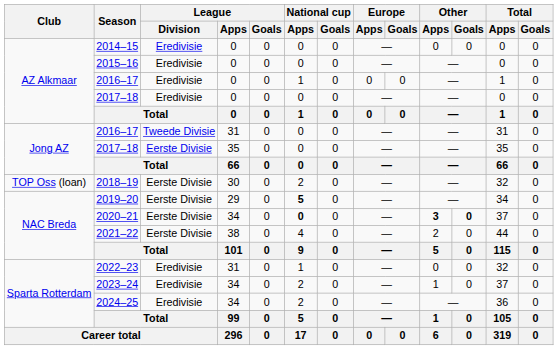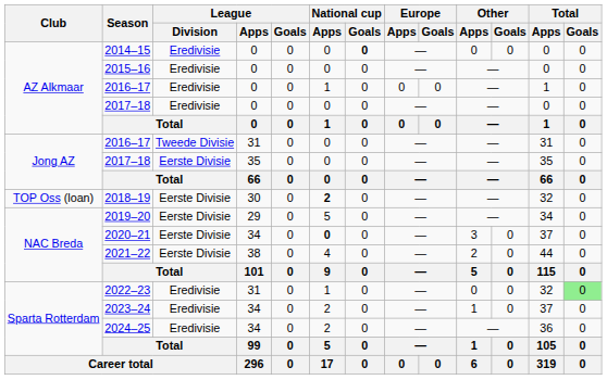 <table class="wikitable" style="text-align: center">
 <tr>
 <th rowspan="2">Club</th>
 <th rowspan="2">Season</th>
 <th colspan="3">League</th>
 <th colspan="2">National cup</th>
 <th colspan="2">Europe</th>
 <th colspan="2">Other</th>
 <th colspan="2">Total</th>
 </tr>
 <tr>
 <th>Division</th>
 <th>Apps</th>
 <th>Goals</th>
 <th>Apps</th>
 <th>Goals</th>
 <th>Apps</th>
 <th>Goals</th>
 <th>Apps</th>
 <th>Goals</th>
 <th>Apps</th>
 <th>Goals</th>
 </tr>
 <tr>
 <td rowspan="5"><a href='#'>AZ Alkmaar</a></td>
 <td><a href='#'>2014–15</a></td>
 <td><a href='#'>Eredivisie</a></td>
 <td>0</td>
 <td>0</td>
 <td>0</td>
-<td>0</td>
+<td><strong>0</strong></td>
 <td colspan="2">—</td>
 <td>0</td>
 <td>0</td>
 <td>0</td>
 <td>0</td>
 </tr>
 <tr>
 <td><a href='#'>2015–16</a></td>
 <td>Eredivisie</td>
 <td>0</td>
 <td>0</td>
 <td>0</td>
 <td>0</td>
 <td colspan="2">—</td>
 <td colspan="2">—</td>
 <td>0</td>
 <td>0</td>
 </tr>
 <tr>
 <td><a href='#'>2016–17</a></td>
 <td>Eredivisie</td>
 <td>0</td>
 <td>0</td>
 <td>1</td>
 <td>0</td>
 <td>0</td>
 <td>0</td>
 <td colspan="2">—</td>
 <td>1</td>
 <td>0</td>
 </tr>
 <tr>
 <td><a href='#'>2017–18</a></td>
 <td>Eredivisie</td>
 <td>0</td>
 <td>0</td>
 <td>0</td>
 <td>0</td>
 <td colspan="2">—</td>
 <td colspan="2">—</td>
 <td>0</td>
 <td>0</td>
 </tr>
 <tr>
 <th colspan="2">Total</th>
 <th>0</th>
 <th>0</th>
 <th>1</th>
 <th>0</th>
 <th>0</th>
 <th>0</th>
 <th colspan="2">—</th>
 <th>1</th>
 <th>0</th>
 </tr>
 <tr>
 <td rowspan="3"><a href='#'>Jong AZ</a></td>
 <td><a href='#'>2016–17</a></td>
 <td><a href='#'>Tweede Divisie</a></td>
 <td>31</td>
 <td>0</td>
 <td>0</td>
 <td>0</td>
 <td colspan="2">—</td>
 <td colspan="2">—</td>
 <td>31</td>
 <td>0</td>
 </tr>
 <tr>
 <td><a href='#'>2017–18</a></td>
 <td><a href='#'>Eerste Divisie</a></td>
 <td>35</td>
 <td>0</td>
 <td>0</td>
 <td>0</td>
 <td colspan="2">—</td>
 <td colspan="2">—</td>
 <td>35</td>
 <td>0</td>
 </tr>
 <tr>
 <th colspan="2">Total</th>
 <th>66</th>
 <th>0</th>
 <th>0</th>
 <th>0</th>
 <th colspan="2">—</th>
 <th colspan="2">—</th>
 <th>66</th>
 <th>0</th>
 </tr>
 <tr>
 <td><a href='#'>TOP Oss</a> (loan)</td>
 <td><a href='#'>2018–19</a></td>
 <td>Eerste Divisie</td>
 <td>30</td>
 <td>0</td>
-<td>2</td>
+<td><strong>2</strong></td>
 <td>0</td>
 <td colspan="2">—</td>
 <td colspan="2">—</td>
 <td>32</td>
 <td>0</td>
 </tr>
 <tr>
 <td rowspan="4"><a href='#'>NAC Breda</a></td>
 <td><a href='#'>2019–20</a></td>
 <td>Eerste Divisie</td>
 <td>29</td>
 <td>0</td>
-<td><strong>5</strong></td>
+<td>5</td>
 <td>0</td>
 <td colspan="2">—</td>
 <td colspan="2">—</td>
 <td>34</td>
 <td>0</td>
 </tr>
 <tr>
 <td><a href='#'>2020–21</a></td>
 <td>Eerste Divisie</td>
 <td>34</td>
 <td>0</td>
 <td><strong>0</strong></td>
 <td>0</td>
 <td colspan="2">—</td>
-<td><strong>3</strong></td>
-<td><strong>0</strong></td>
+<td>3</td>
+<td>0</td>
 <td>37</td>
 <td>0</td>
 </tr>
 <tr>
 <td><a href='#'>2021–22</a></td>
 <td>Eerste Divisie</td>
 <td>38</td>
 <td>0</td>
 <td>4</td>
 <td>0</td>
 <td colspan="2">—</td>
 <td>2</td>
 <td>0</td>
 <td>44</td>
 <td>0</td>
 </tr>
 <tr>
 <th colspan="2">Total</th>
 <th>101</th>
 <th>0</th>
 <th>9</th>
 <th>0</th>
 <th colspan="2">—</th>
 <th>5</th>
 <th>0</th>
 <th>115</th>
 <th>0</th>
 </tr>
 <tr>
 <td rowspan="4"><a href='#'>Sparta Rotterdam</a></td>
 <td><a href='#'>2022–23</a></td>
 <td>Eredivisie</td>
 <td>31</td>
 <td>0</td>
 <td>1</td>
 <td>0</td>
 <td colspan="2">—</td>
 <td>0</td>
 <td>0</td>
 <td>32</td>
-<td>0</td>
+<td style="background: lightgreen;">0</td>
 </tr>
 <tr>
 <td><a href='#'>2023–24</a></td>
 <td>Eredivisie</td>
 <td>34</td>
 <td>0</td>
 <td>2</td>
 <td>0</td>
 <td colspan="2">—</td>
 <td>1</td>
 <td>0</td>
 <td>37</td>
 <td>0</td>
 </tr>
 <tr>
 <td><a href='#'>2024–25</a></td>
 <td>Eredivisie</td>
 <td>34</td>
 <td>0</td>
 <td>2</td>
 <td>0</td>
 <td colspan="2">—</td>
 <td colspan="2">—</td>
 <td>36</td>
 <td>0</td>
 </tr>
 <tr>
 <th colspan="2">Total</th>
 <th>99</th>
 <th>0</th>
 <th>5</th>
 <th>0</th>
 <th colspan="2">—</th>
 <th>1</th>
 <th>0</th>
 <th>105</th>
 <th>0</th>
 </tr>
 <tr>
 <th colspan="3">Career total</th>
 <th>296</th>
 <th>0</th>
 <th>17</th>
 <th>0</th>
 <th>0</th>
 <th>0</th>
 <th>6</th>
 <th>0</th>
 <th>319</th>
 <th>0</th>
 </tr>
 </table>
